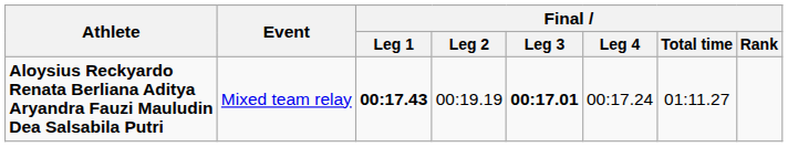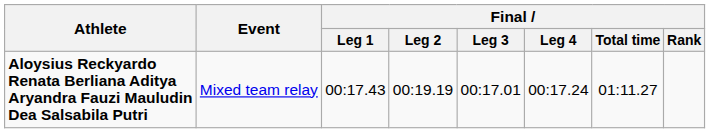 <table class="wikitable" style="font-size:85%">
 <tr>
 <th rowspan=2>Athlete</th>
 <th rowspan=2>Event</th>
 <th colspan=6>Final / </th>
 </tr>
 <tr style="font-size:90%">
 <th>Leg 1</th>
 <th>Leg 2</th>
 <th>Leg 3</th>
 <th>Leg 4</th>
 <th>Total time</th>
 <th>Rank</th>
 </tr>
 <tr align=center>
 <td align=left><strong>Aloysius Reckyardo<br>Renata Berliana Aditya<br>Aryandra Fauzi Mauludin<br>Dea Salsabila Putri</strong></td>
 <td align=left rowspan="2"><a href='#'>Mixed team relay</a></td>
-<td><strong>00:17.43</strong></td>
+<td>00:17.43</td>
 <td>00:19.19</td>
-<td><strong>00:17.01</strong></td>
+<td>00:17.01</td>
 <td>00:17.24</td>
 <td>01:11.27</td>
 <td></td>
 </tr>
 </table>
